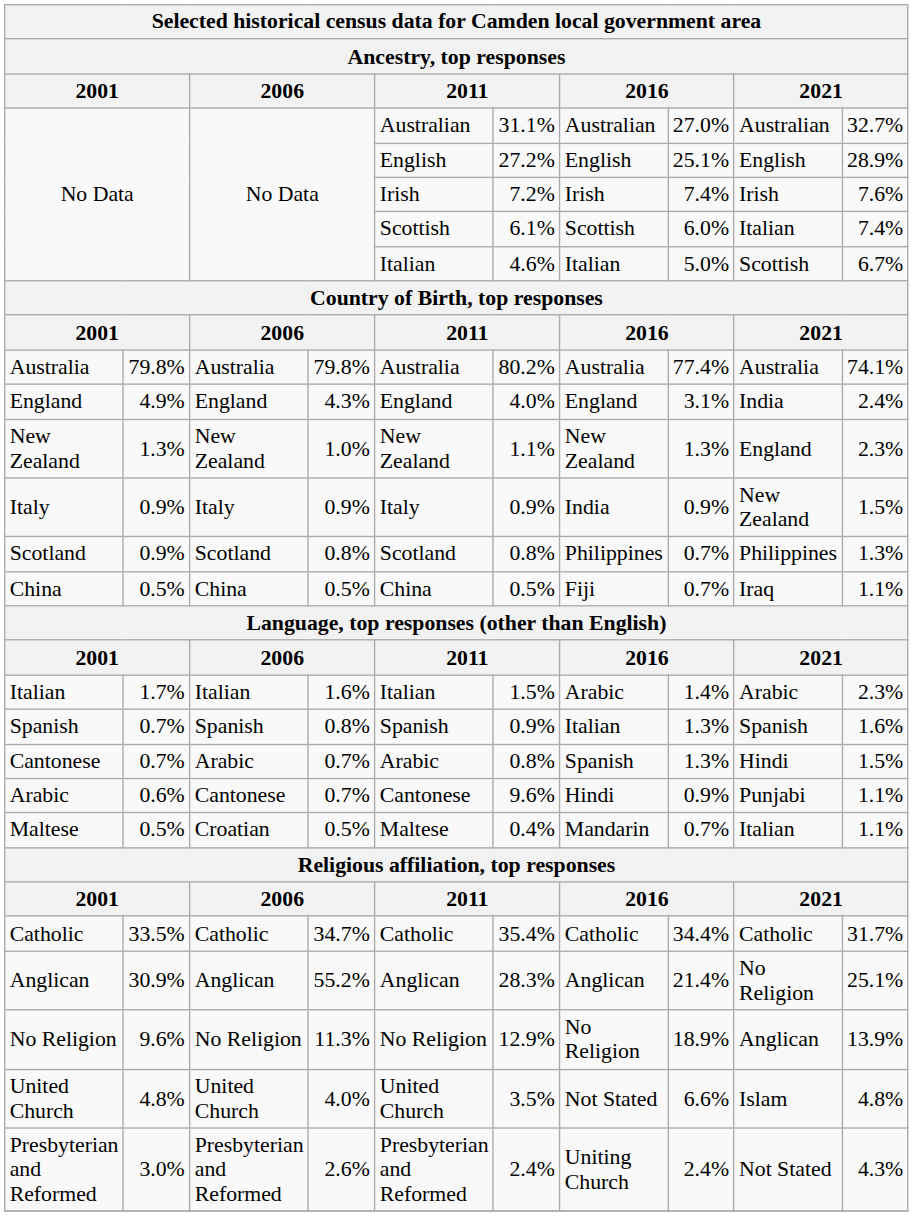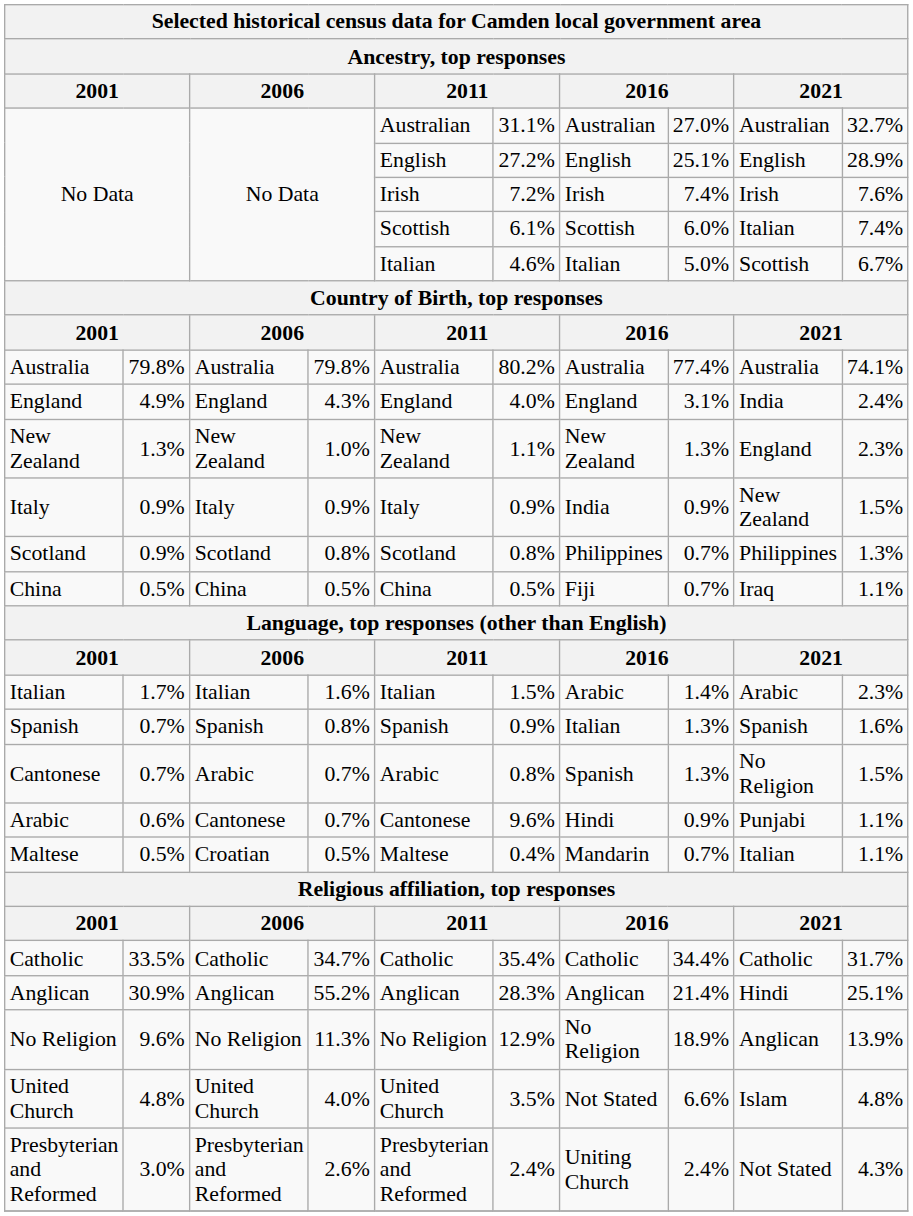 <table class="wikitable">
 <tr>
 <th colspan=10>Selected historical census data for Camden local government area</th>
 </tr>
 <tr>
 <th colspan=10>Ancestry, top responses</th>
 </tr>
 <tr>
 <th colspan=2>2001</th>
 <th colspan=2>2006</th>
 <th colspan=2>2011</th>
 <th colspan=2>2016</th>
 <th colspan=2>2021</th>
 </tr>
 <tr>
 <td rowspan=5 colspan= 2 align="center">No Data</td>
 <td rowspan=5 colspan= 2 align="center">No Data</td>
 <td>Australian</td>
 <td align="right">31.1%</td>
 <td>Australian</td>
 <td align="right"> 27.0%</td>
 <td>Australian</td>
 <td align="right"> 32.7%</td>
 </tr>
 <tr>
 <td>English</td>
 <td align="right">27.2%</td>
 <td>English</td>
 <td align="right"> 25.1%</td>
 <td>English</td>
 <td align="right"> 28.9%</td>
 </tr>
 <tr>
 <td>Irish</td>
 <td align="right">7.2%</td>
 <td>Irish</td>
 <td align="right"> 7.4%</td>
 <td>Irish</td>
 <td align="right"> 7.6%</td>
 </tr>
 <tr>
 <td>Scottish</td>
 <td align="right">6.1%</td>
 <td>Scottish</td>
 <td align="right"> 6.0%</td>
 <td>Italian</td>
 <td align="right"> 7.4%</td>
 </tr>
 <tr>
 <td>Italian</td>
 <td align="right">4.6%</td>
 <td>Italian</td>
 <td align="right"> 5.0%</td>
 <td>Scottish</td>
 <td align="right"> 6.7%</td>
 </tr>
 <tr>
 <th colspan=10>Country of Birth, top responses</th>
 </tr>
 <tr>
 <th colspan=2>2001</th>
 <th colspan=2>2006</th>
 <th colspan=2>2011</th>
 <th colspan=2>2016</th>
 <th colspan=2>2021</th>
 </tr>
 <tr>
 <td>Australia</td>
 <td align="right">79.8%</td>
 <td>Australia</td>
 <td align="right"> 79.8%</td>
 <td>Australia</td>
 <td align="right"> 80.2%</td>
 <td>Australia</td>
 <td align="right"> 77.4%</td>
 <td>Australia</td>
 <td align="right"> 74.1%</td>
 </tr>
 <tr>
 <td>England</td>
 <td align="right">4.9%</td>
 <td>England</td>
 <td align="right"> 4.3%</td>
 <td>England</td>
 <td align="right"> 4.0%</td>
 <td>England</td>
 <td align="right"> 3.1%</td>
 <td>India</td>
 <td align="right"> 2.4%</td>
 </tr>
 <tr>
 <td>New Zealand</td>
 <td align="right">1.3%</td>
 <td>New Zealand</td>
 <td align="right"> 1.0%</td>
 <td>New Zealand</td>
 <td align="right"> 1.1%</td>
 <td>New Zealand</td>
 <td align="right"> 1.3%</td>
 <td>England</td>
 <td align="right"> 2.3%</td>
 </tr>
 <tr>
 <td>Italy</td>
 <td align="right">0.9%</td>
 <td>Italy</td>
 <td align="right"> 0.9%</td>
 <td>Italy</td>
 <td align="right"> 0.9%</td>
 <td>India</td>
 <td align="right"> 0.9%</td>
 <td>New Zealand</td>
 <td align="right"> 1.5%</td>
 </tr>
 <tr>
 <td>Scotland</td>
 <td align="right">0.9%</td>
 <td>Scotland</td>
 <td align="right"> 0.8%</td>
 <td>Scotland</td>
 <td align="right"> 0.8%</td>
 <td>Philippines</td>
 <td align="right"> 0.7%</td>
 <td>Philippines</td>
 <td align="right"> 1.3%</td>
 </tr>
 <tr>
 <td>China</td>
 <td align="right">0.5%</td>
 <td>China</td>
 <td align="right"> 0.5%</td>
 <td>China</td>
 <td align="right"> 0.5%</td>
 <td>Fiji</td>
 <td align="right"> 0.7%</td>
 <td>Iraq</td>
 <td align="right"> 1.1%</td>
 </tr>
 <tr>
 <th colspan=10>Language, top responses (other than English)</th>
 </tr>
 <tr>
 <th colspan=2>2001</th>
 <th colspan=2>2006</th>
 <th colspan=2>2011</th>
 <th colspan=2>2016</th>
 <th colspan=2>2021</th>
 </tr>
 <tr>
 <td>Italian</td>
 <td align="right">1.7%</td>
 <td>Italian</td>
 <td align="right"> 1.6%</td>
 <td>Italian</td>
 <td align="right"> 1.5%</td>
 <td>Arabic</td>
 <td align="right"> 1.4%</td>
 <td>Arabic</td>
 <td align="right"> 2.3%</td>
 </tr>
 <tr>
 <td>Spanish</td>
 <td align="right">0.7%</td>
 <td>Spanish</td>
 <td align="right"> 0.8%</td>
 <td>Spanish</td>
 <td align="right"> 0.9%</td>
 <td>Italian</td>
 <td align="right"> 1.3%</td>
 <td>Spanish</td>
 <td align="right"> 1.6%</td>
 </tr>
 <tr>
 <td>Cantonese</td>
 <td align="right">0.7%</td>
 <td>Arabic</td>
 <td align="right"> 0.7%</td>
 <td>Arabic</td>
 <td align="right"> 0.8%</td>
 <td>Spanish</td>
 <td align="right"> 1.3%</td>
-<td>Hindi</td>
+<td>No Religion</td>
 <td align="right"> 1.5%</td>
 </tr>
 <tr>
 <td>Arabic</td>
 <td align="right">0.6%</td>
 <td>Cantonese</td>
 <td align="right"> 0.7%</td>
 <td>Cantonese</td>
 <td align="right"> 9.6%</td>
 <td>Hindi</td>
 <td align="right"> 0.9%</td>
 <td>Punjabi</td>
 <td align="right"> 1.1%</td>
 </tr>
 <tr>
 <td>Maltese</td>
 <td align="right">0.5%</td>
 <td>Croatian</td>
 <td align="right">0.5%</td>
 <td>Maltese</td>
 <td align="right"> 0.4%</td>
 <td>Mandarin</td>
 <td align="right"> 0.7%</td>
 <td>Italian</td>
 <td align="right"> 1.1%</td>
 </tr>
 <tr>
 <th colspan=10>Religious affiliation, top responses</th>
 </tr>
 <tr>
 <th colspan=2>2001</th>
 <th colspan=2>2006</th>
 <th colspan=2>2011</th>
 <th colspan=2>2016</th>
 <th colspan=2>2021</th>
 </tr>
 <tr>
 <td>Catholic</td>
 <td align="right">33.5%</td>
 <td>Catholic</td>
 <td align="right"> 34.7%</td>
 <td>Catholic</td>
 <td align="right"> 35.4%</td>
 <td>Catholic</td>
 <td align="right"> 34.4%</td>
 <td>Catholic</td>
 <td align="right"> 31.7%</td>
 </tr>
 <tr>
 <td>Anglican</td>
 <td align="right">30.9%</td>
 <td>Anglican</td>
 <td align="right"> 55.2%</td>
 <td>Anglican</td>
 <td align="right"> 28.3%</td>
 <td>Anglican</td>
 <td align="right"> 21.4%</td>
-<td>No Religion</td>
+<td>Hindi</td>
 <td align="right"> 25.1%</td>
 </tr>
 <tr>
 <td>No Religion</td>
 <td align="right">9.6%</td>
 <td>No Religion</td>
 <td align="right"> 11.3%</td>
 <td>No Religion</td>
 <td align="right"> 12.9%</td>
 <td>No Religion</td>
 <td align="right"> 18.9%</td>
 <td>Anglican</td>
 <td align="right"> 13.9%</td>
 </tr>
 <tr>
 <td>United Church</td>
 <td align="right">4.8%</td>
 <td>United Church</td>
 <td align="right"> 4.0%</td>
 <td>United Church</td>
 <td align="right"> 3.5%</td>
 <td>Not Stated</td>
 <td align="right"> 6.6%</td>
 <td>Islam</td>
 <td align="right"> 4.8%</td>
 </tr>
 <tr>
 <td>Presbyterian <br>and Reformed <br></td>
 <td align="right">3.0%</td>
 <td>Presbyterian <br>and Reformed <br></td>
 <td align="right"> 2.6%</td>
 <td>Presbyterian <br>and Reformed <br></td>
 <td align="right"> 2.4%</td>
 <td>Uniting Church</td>
 <td align="right"> 2.4%</td>
 <td>Not Stated</td>
 <td align="right"> 4.3%</td>
 </tr>
 <tr>
 </tr>
 </table>
